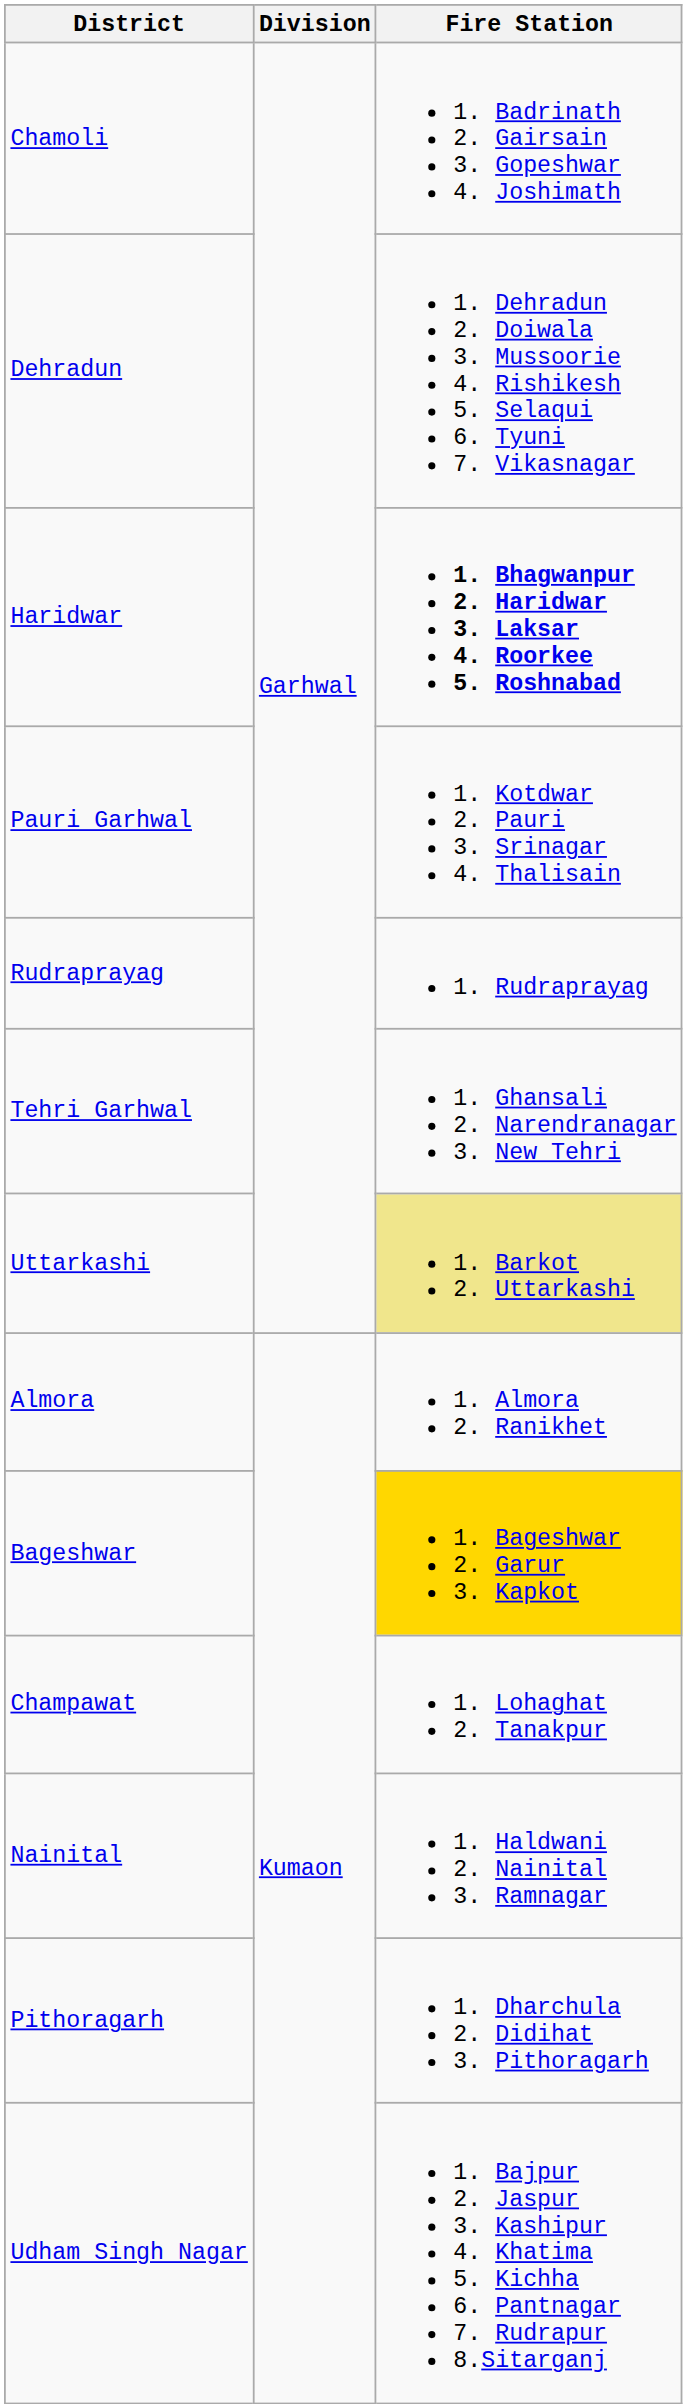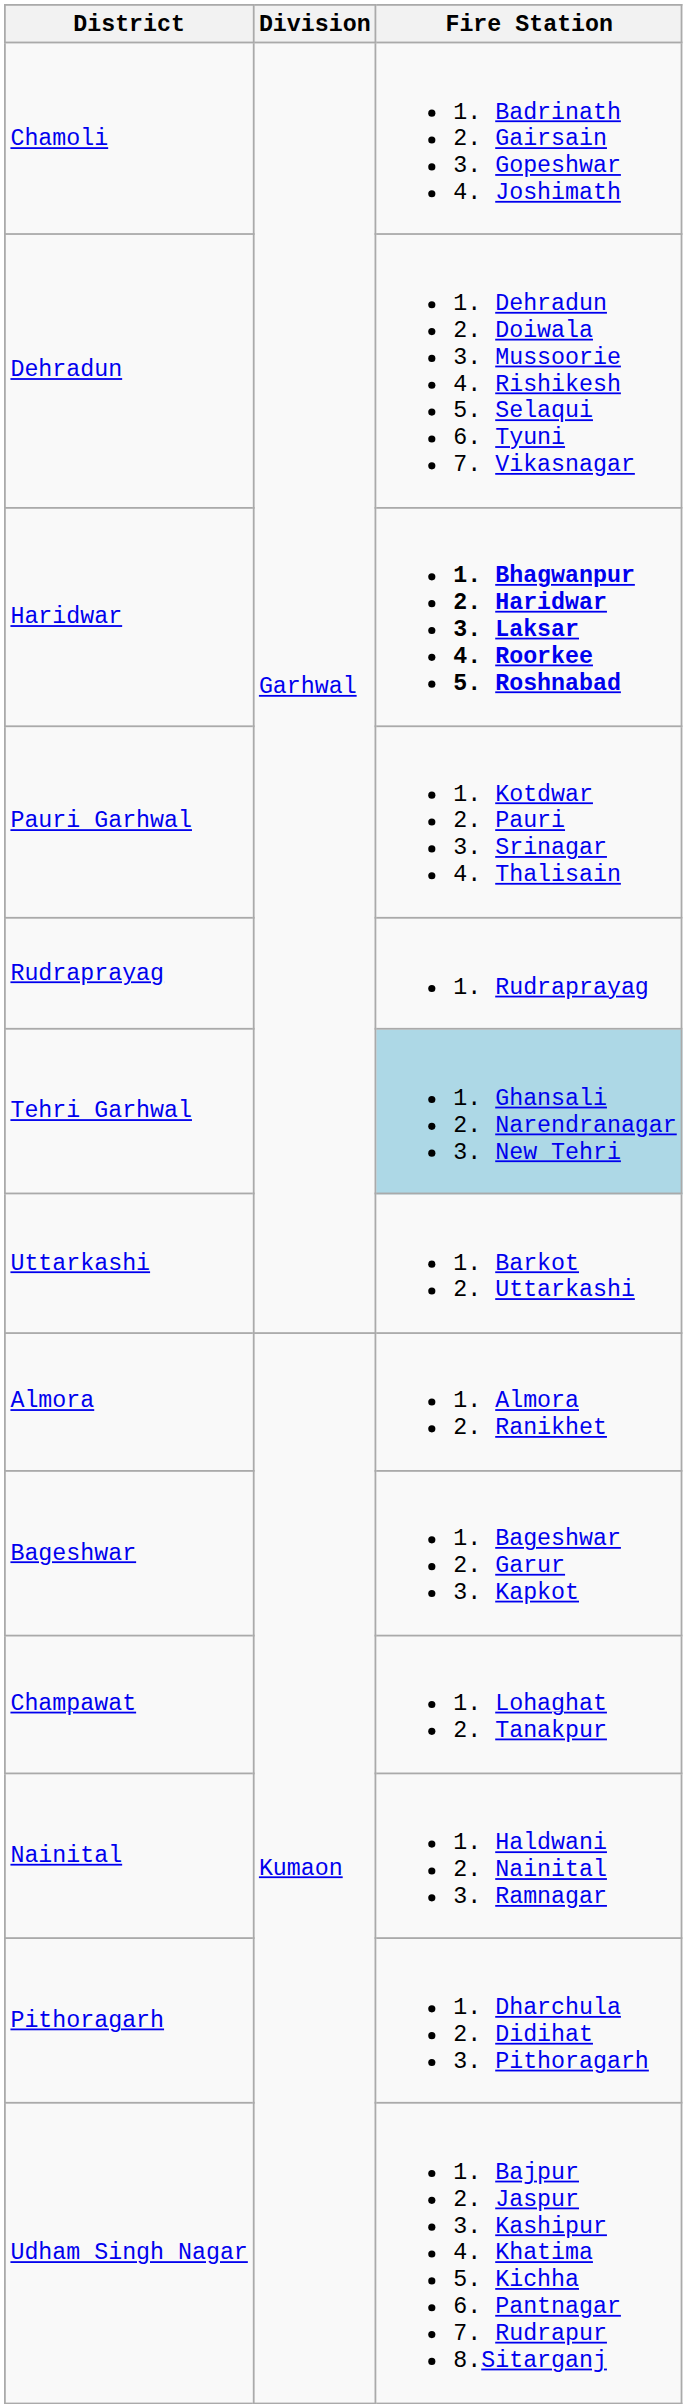 <table class="wikitable sortable">
 <tr>
 <th>District</th>
 <th>Division</th>
 <th>Fire Station</th>
 </tr>
 <tr valign=center>
 <td><a href='#'>Chamoli</a></td>
 <td rowspan="7"><a href='#'>Garhwal</a></td>
 <td align=left><br><ul><li>1. <a href='#'>Badrinath</a></li><li>2. <a href='#'>Gairsain</a></li><li>3. <a href='#'>Gopeshwar</a></li><li>4. <a href='#'>Joshimath</a></li></ul></td>
 </tr>
 <tr valign=center>
 <td><a href='#'>Dehradun</a></td>
 <td align=left><br><ul><li>1. <a href='#'>Dehradun</a></li><li>2. <a href='#'>Doiwala</a></li><li>3. <a href='#'>Mussoorie</a></li><li>4. <a href='#'>Rishikesh</a></li><li>5. <a href='#'>Selaqui</a></li><li>6. <a href='#'>Tyuni</a></li><li>7. <a href='#'>Vikasnagar</a></li></ul></td>
 </tr>
 <tr valign=center>
 <td><a href='#'>Haridwar</a></td>
 <td align=left><strong><br><ul><li>1. <a href='#'>Bhagwanpur</a></li><li>2. <a href='#'>Haridwar</a></li><li>3. <a href='#'>Laksar</a></li><li>4. <a href='#'>Roorkee</a></li><li>5. <a href='#'>Roshnabad</a></li></ul></strong></td>
 </tr>
 <tr valign=center>
 <td><a href='#'>Pauri Garhwal</a></td>
 <td align=left><br><ul><li>1. <a href='#'>Kotdwar</a></li><li>2. <a href='#'>Pauri</a></li><li>3. <a href='#'>Srinagar</a></li><li>4. <a href='#'>Thalisain</a></li></ul></td>
 </tr>
 <tr valign=center>
 <td><a href='#'>Rudraprayag</a></td>
 <td align=left><br><ul><li>1. <a href='#'>Rudraprayag</a></li></ul></td>
 </tr>
 <tr valign=center>
 <td><a href='#'>Tehri Garhwal</a></td>
-<td align=left><br><ul><li>1. <a href='#'>Ghansali</a></li><li>2. <a href='#'>Narendranagar</a></li><li>3. <a href='#'>New Tehri</a></li></ul></td>
+<td align=left style="background: lightblue;"><br><ul><li>1. <a href='#'>Ghansali</a></li><li>2. <a href='#'>Narendranagar</a></li><li>3. <a href='#'>New Tehri</a></li></ul></td>
 </tr>
 <tr valign=center>
 <td><a href='#'>Uttarkashi</a></td>
-<td align=left style="background: khaki;"><br><ul><li>1. <a href='#'>Barkot</a></li><li>2. <a href='#'>Uttarkashi</a></li></ul></td>
+<td align=left><br><ul><li>1. <a href='#'>Barkot</a></li><li>2. <a href='#'>Uttarkashi</a></li></ul></td>
 </tr>
 <tr valign=center>
 <td><a href='#'>Almora</a></td>
 <td rowspan="6"><a href='#'>Kumaon</a></td>
 <td align=left><br><ul><li>1. <a href='#'>Almora</a></li><li>2. <a href='#'>Ranikhet</a></li></ul></td>
 </tr>
 <tr valign=center>
 <td><a href='#'>Bageshwar</a></td>
-<td align=left style="background: gold;"><br><ul><li>1. <a href='#'>Bageshwar</a></li><li>2. <a href='#'>Garur</a></li><li>3. <a href='#'>Kapkot</a></li></ul></td>
+<td align=left><br><ul><li>1. <a href='#'>Bageshwar</a></li><li>2. <a href='#'>Garur</a></li><li>3. <a href='#'>Kapkot</a></li></ul></td>
 </tr>
 <tr valign=center>
 <td><a href='#'>Champawat</a></td>
 <td align=left><br><ul><li>1. <a href='#'>Lohaghat</a></li><li>2. <a href='#'>Tanakpur</a></li></ul></td>
 </tr>
 <tr valign=center>
 <td><a href='#'>Nainital</a></td>
 <td align=left><br><ul><li>1. <a href='#'>Haldwani</a></li><li>2. <a href='#'>Nainital</a></li><li>3. <a href='#'>Ramnagar</a></li></ul></td>
 </tr>
 <tr valign=center>
 <td><a href='#'>Pithoragarh</a></td>
 <td align=left><br><ul><li>1. <a href='#'>Dharchula</a></li><li>2. <a href='#'>Didihat</a></li><li>3. <a href='#'>Pithoragarh</a></li></ul></td>
 </tr>
 <tr valign=center>
 <td><a href='#'>Udham Singh Nagar</a></td>
 <td align=left><br><ul><li>1. <a href='#'>Bajpur</a></li><li>2. <a href='#'>Jaspur</a></li><li>3. <a href='#'>Kashipur</a></li><li>4. <a href='#'>Khatima</a></li><li>5. <a href='#'>Kichha</a></li><li>6. <a href='#'>Pantnagar</a></li><li>7. <a href='#'>Rudrapur</a></li><li>8.<a href='#'>Sitarganj</a></li></ul></td>
 </tr>
 </table>
